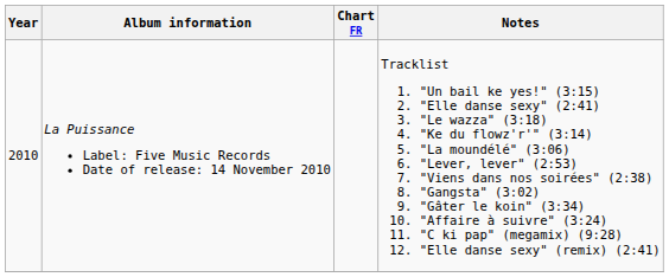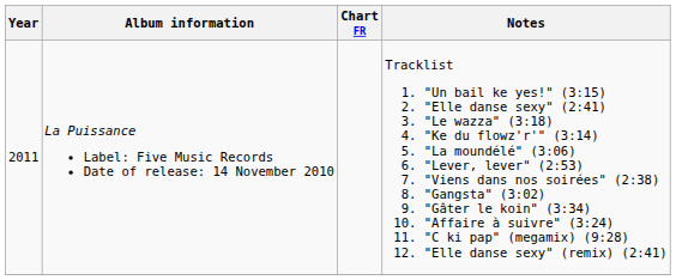 <table class="wikitable">
 <tr>
 <th align="center">Year</th>
 <th align="center">Album information</th>
 <th width="40">Chart<br><small><a href='#'>FR</a></small></th>
 <th align="center">Notes</th>
 </tr>
 <tr>
-<td>2010</td>
+<td>2011</td>
 <td><em>La Puissance</em><br><ul><li>Label: Five Music Records</li><li>Date of release: 14 November 2010</li></ul></td>
 <td></td>
 <td><br>Tracklist<ol><li>"Un bail ke yes!" (3:15)</li><li>"Elle danse sexy" (2:41)</li><li>"Le wazza" (3:18)</li><li>"Ke du flowz'r'" (3:14)</li><li>"La moundélé" (3:06)</li><li>"Lever, lever" (2:53)</li><li>"Viens dans nos soirées" (2:38)</li><li>"Gangsta" (3:02)</li><li>"Gâter le koin" (3:34)</li><li>"Affaire à suivre" (3:24)</li><li>"C ki pap" (megamix) (9:28)</li><li>"Elle danse sexy" (remix) (2:41)</li></ol></td>
 </tr>
 <tr>
 </tr>
 </table>
